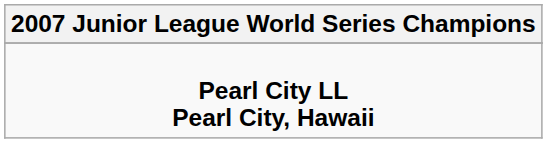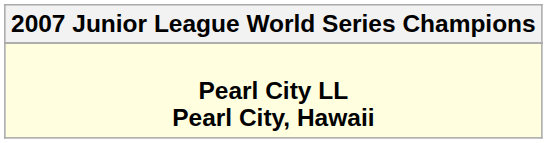 <table class="wikitable" style="text-align: center; margin: 0 auto;">
 <tr>
 <th>2007 Junior League World Series Champions</th>
 </tr>
 <tr>
 </tr>
 <tr>
-<td><br><strong>Pearl City LL</strong><br><strong>Pearl City, Hawaii</strong></td>
+<td style="background: lightyellow;"><br><strong>Pearl City LL</strong><br><strong>Pearl City, Hawaii</strong></td>
 </tr>
 </table>
